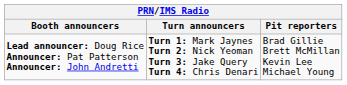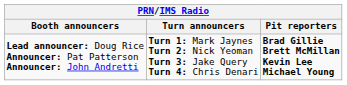 <table class="wikitable" style="font-size: 95%;">
 <tr>
 <th colspan="3"><a href='#'>PRN</a>/<a href='#'>IMS Radio</a></th>
 </tr>
 <tr>
 <th>Booth announcers</th>
 <th>Turn announcers</th>
 <th>Pit reporters</th>
 </tr>
 <tr>
 <td><strong>Lead announcer:</strong> Doug Rice<br><strong>Announcer:</strong> Pat Patterson<br><strong>Announcer:</strong> <a href='#'>John Andretti</a></td>
 <td><strong>Turn 1:</strong> Mark Jaynes <br><strong>Turn 2:</strong> Nick Yeoman<br><strong>Turn 3:</strong> Jake Query<br><strong>Turn 4:</strong> Chris Denari</td>
-<td>Brad Gillie<br>Brett McMillan<br>Kevin Lee<br>Michael Young</td>
+<td><strong>Brad Gillie<br>Brett McMillan<br>Kevin Lee<br>Michael Young</strong></td>
 </tr>
 </table>
